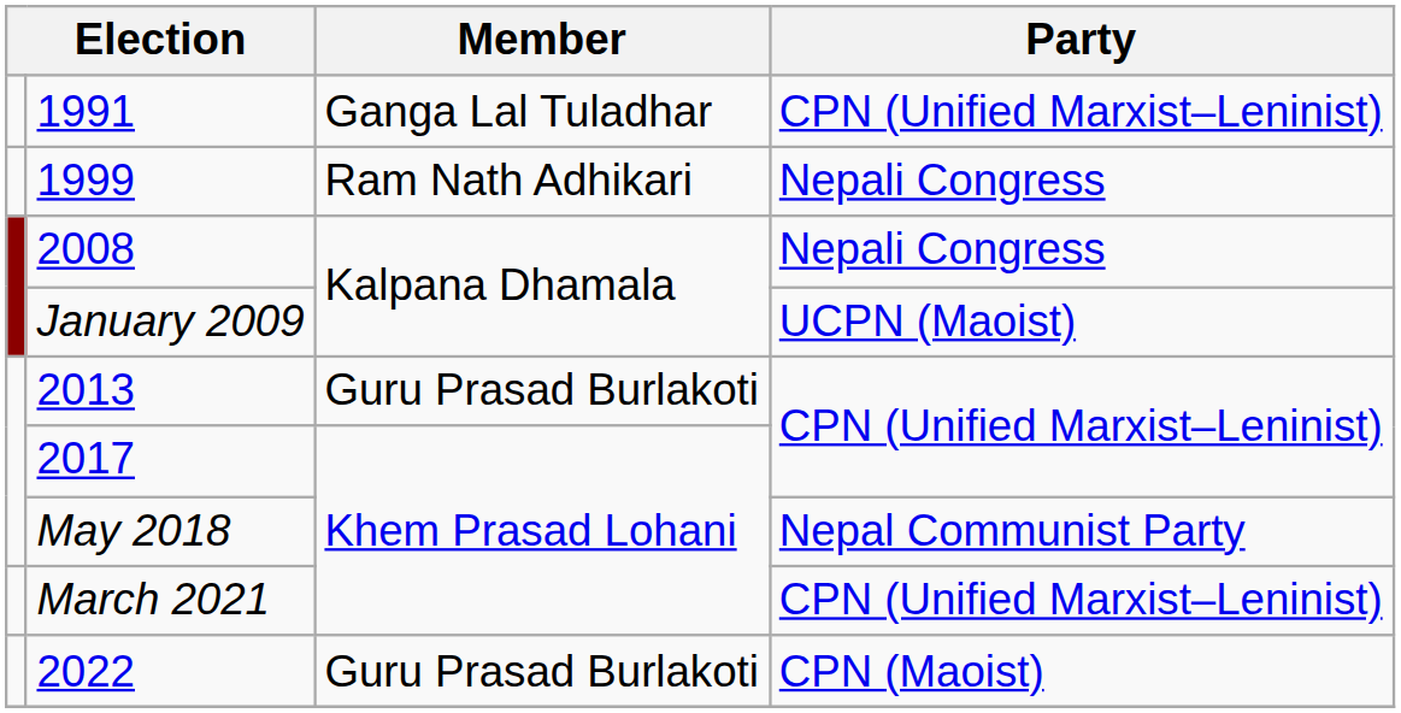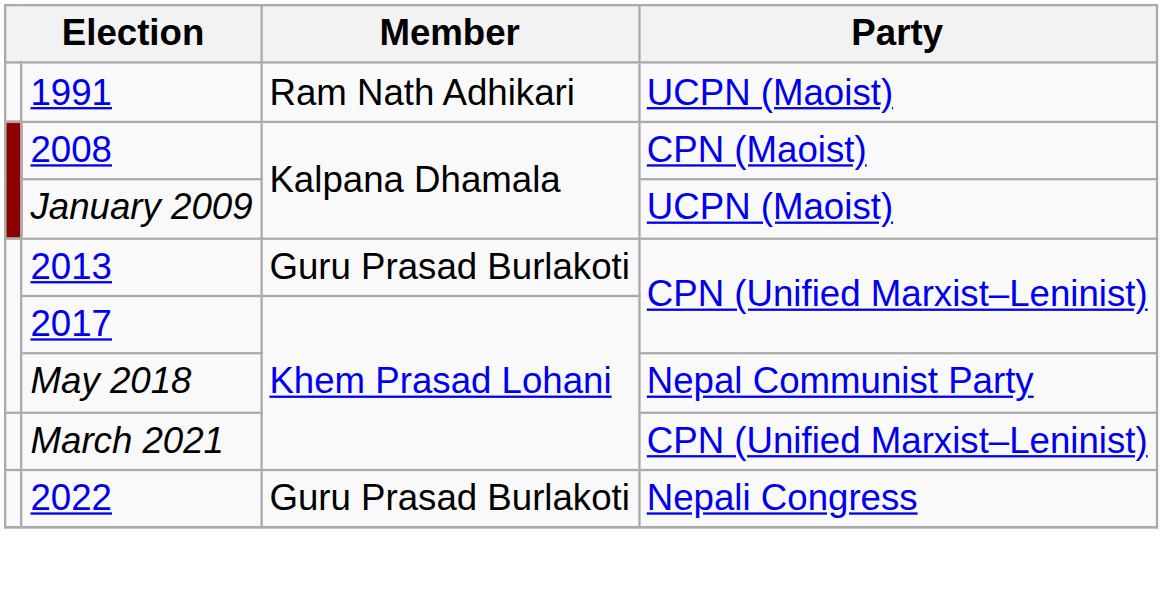 <table class="wikitable">
 <tr>
 <th colspan="2">Election</th>
 <th>Member</th>
 <th>Party</th>
 </tr>
 <tr>
 <td style="background-color:"></td>
 <td><a href='#'>1991</a></td>
-<td>Ganga Lal Tuladhar</td>
-<td><a href='#'>CPN (Unified Marxist–Leninist)</a></td>
-</tr>
-<tr>
-<td style="background-color:"></td>
-<td><a href='#'>1999</a></td>
 <td>Ram Nath Adhikari</td>
-<td><a href='#'>Nepali Congress</a></td>
+<td><a href='#'>UCPN (Maoist)</a></td>
 </tr>
 <tr>
 <td rowspan="2" style="background-color:darkred"></td>
 <td><a href='#'>2008</a></td>
 <td rowspan="2">Kalpana Dhamala</td>
-<td><a href='#'>Nepali Congress</a></td>
+<td><a href='#'>CPN (Maoist)</a></td>
 </tr>
 <tr>
 <td><em>January 2009</em></td>
 <td><a href='#'>UCPN (Maoist)</a></td>
 </tr>
 <tr>
 <td rowspan="3" style="background-color:"></td>
 <td><a href='#'>2013</a></td>
 <td>Guru Prasad Burlakoti</td>
 <td rowspan="2"><a href='#'>CPN (Unified Marxist–Leninist)</a></td>
 </tr>
 <tr>
 <td><a href='#'>2017</a></td>
 <td rowspan="3"><a href='#'>Khem Prasad Lohani</a></td>
 </tr>
 <tr>
 <td><em>May 2018</em></td>
 <td><a href='#'>Nepal Communist Party</a></td>
 </tr>
 <tr>
 <td style="background-color:"></td>
 <td><em>March 2021</em></td>
 <td><a href='#'>CPN (Unified Marxist–Leninist)</a></td>
 </tr>
 <tr>
 <td style="background-color:"></td>
 <td><a href='#'>2022</a></td>
 <td>Guru Prasad Burlakoti</td>
-<td><a href='#'>CPN (Maoist)</a></td>
+<td><a href='#'>Nepali Congress</a></td>
 </tr>
 <tr>
 </tr>
 </table>
